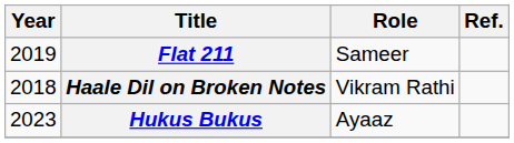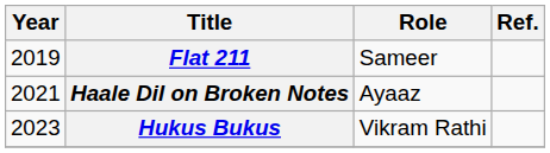 <table class='wikitable sortation"'>
 <tr>
 <th>Year</th>
 <th>Title</th>
 <th>Role</th>
 <th>Ref.</th>
 </tr>
 <tr>
 <td>2019</td>
 <th><em><a href='#'>Flat 211</a></em></th>
 <td>Sameer</td>
 <td></td>
 </tr>
 <tr>
-<td>2018</td>
+<td>2021</td>
 <th><em>Haale Dil on Broken Notes</em></th>
-<td>Vikram Rathi</td>
+<td>Ayaaz</td>
 <td></td>
 </tr>
 <tr>
 <td>2023</td>
 <th><em><a href='#'>Hukus Bukus</a></em></th>
-<td>Ayaaz</td>
+<td>Vikram Rathi</td>
 <td></td>
 </tr>
 <tr>
 </tr>
 </table>
